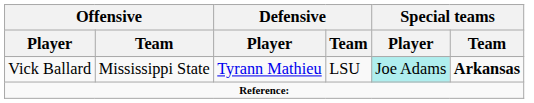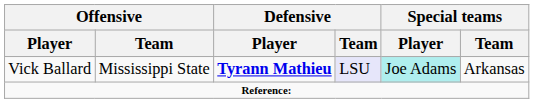 <table class="wikitable" border="1">
 <tr>
 <th colspan="2">Offensive</th>
 <th colspan="2">Defensive</th>
 <th colspan="2">Special teams</th>
 </tr>
 <tr>
 <th>Player</th>
 <th>Team</th>
 <th>Player</th>
 <th>Team</th>
 <th>Player</th>
 <th>Team</th>
 </tr>
 <tr>
 <td>Vick Ballard</td>
 <td>Mississippi State</td>
-<td><a href='#'>Tyrann Mathieu</a></td>
-<td>LSU</td>
+<td><strong><a href='#'>Tyrann Mathieu</a></strong></td>
+<td style="background: lavender;">LSU</td>
 <td style="background: paleturquoise;">Joe Adams</td>
-<td><strong>Arkansas</strong></td>
+<td>Arkansas</td>
 </tr>
 <tr>
 <td colspan="6" style="font-size: 8pt" align="center"><strong>Reference:</strong></td>
 </tr>
 </table>
